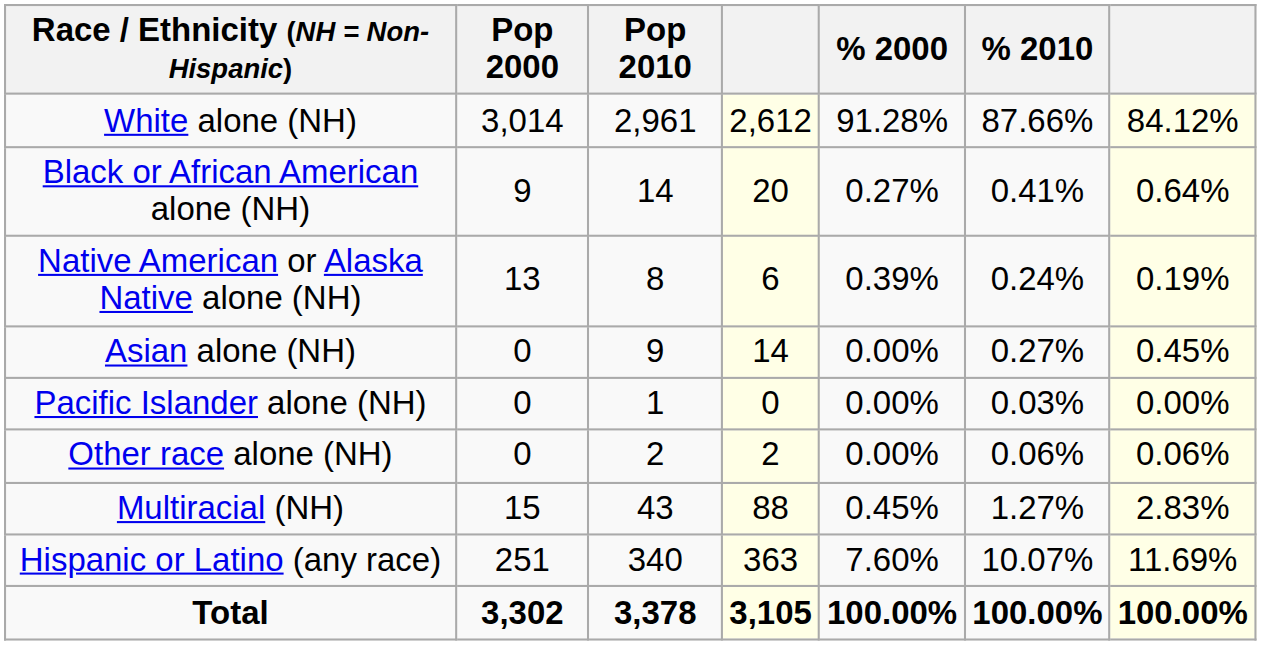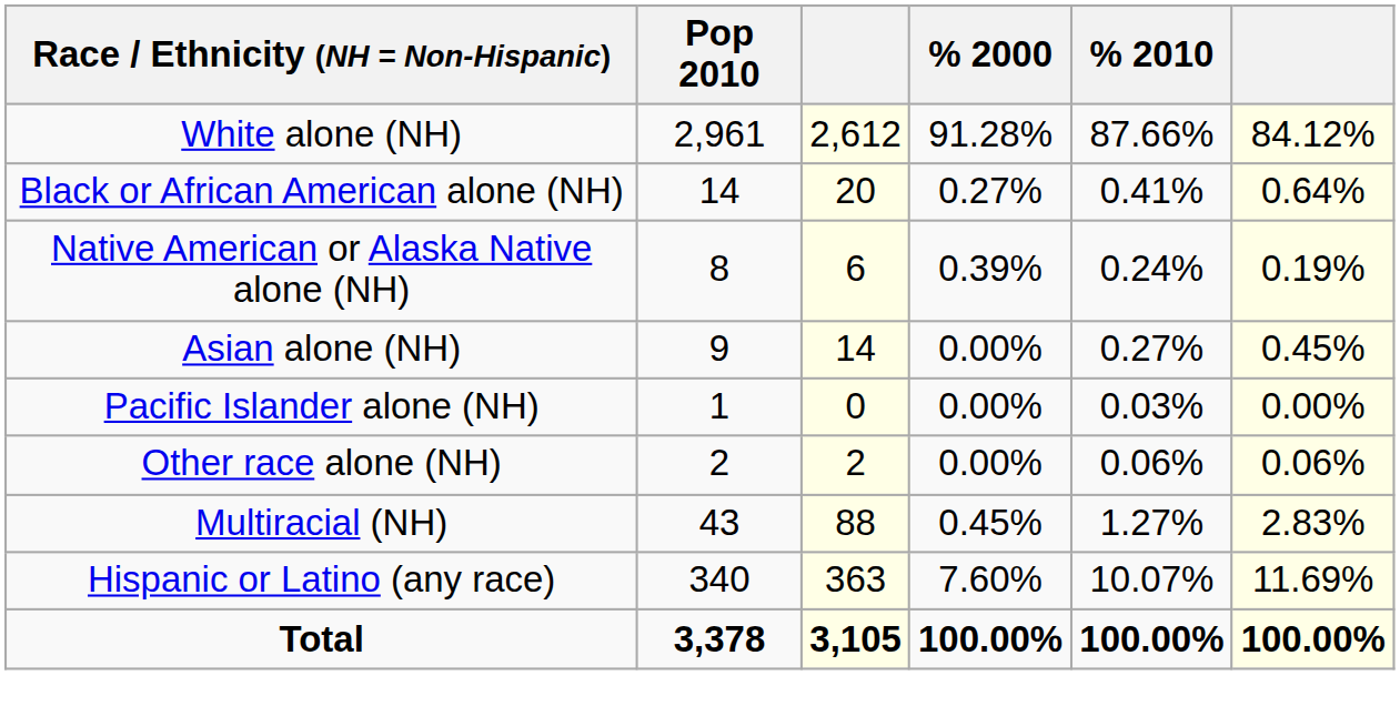 <table class="wikitable" style="text-align:center;">
 <tr>
 <th>Race / Ethnicity <small>(<em>NH = Non-Hispanic</em>)</small></th>
-<th>Pop 2000</th>
 <th>Pop 2010</th>
 <th></th>
 <th>% 2000</th>
 <th>% 2010</th>
 <th></th>
 </tr>
 <tr>
 <td><a href='#'>White</a> alone (NH)</td>
-<td>3,014</td>
 <td>2,961</td>
 <td style='background: #ffffe6;'>2,612</td>
 <td>91.28%</td>
 <td>87.66%</td>
 <td style='background: #ffffe6;'>84.12%</td>
 </tr>
 <tr>
 <td><a href='#'>Black or African American</a> alone (NH)</td>
-<td>9</td>
 <td>14</td>
 <td style='background: #ffffe6;'>20</td>
 <td>0.27%</td>
 <td>0.41%</td>
 <td style='background: #ffffe6;'>0.64%</td>
 </tr>
 <tr>
 <td><a href='#'>Native American</a> or <a href='#'>Alaska Native</a> alone (NH)</td>
-<td>13</td>
 <td>8</td>
 <td style='background: #ffffe6;'>6</td>
 <td>0.39%</td>
 <td>0.24%</td>
 <td style='background: #ffffe6;'>0.19%</td>
 </tr>
 <tr>
 <td><a href='#'>Asian</a> alone (NH)</td>
-<td>0</td>
 <td>9</td>
 <td style='background: #ffffe6;'>14</td>
 <td>0.00%</td>
 <td>0.27%</td>
 <td style='background: #ffffe6;'>0.45%</td>
 </tr>
 <tr>
 <td><a href='#'>Pacific Islander</a> alone (NH)</td>
-<td>0</td>
 <td>1</td>
 <td style='background: #ffffe6;'>0</td>
 <td>0.00%</td>
 <td>0.03%</td>
 <td style='background: #ffffe6;'>0.00%</td>
 </tr>
 <tr>
 <td><a href='#'>Other race</a> alone (NH)</td>
-<td>0</td>
 <td>2</td>
 <td style='background: #ffffe6;'>2</td>
 <td>0.00%</td>
 <td>0.06%</td>
 <td style='background: #ffffe6;'>0.06%</td>
 </tr>
 <tr>
 <td><a href='#'>Multiracial</a> (NH)</td>
-<td>15</td>
 <td>43</td>
 <td style='background: #ffffe6;'>88</td>
 <td>0.45%</td>
 <td>1.27%</td>
 <td style='background: #ffffe6;'>2.83%</td>
 </tr>
 <tr>
 <td><a href='#'>Hispanic or Latino</a> (any race)</td>
-<td>251</td>
 <td>340</td>
 <td style='background: #ffffe6;'>363</td>
 <td>7.60%</td>
 <td>10.07%</td>
 <td style='background: #ffffe6;'>11.69%</td>
 </tr>
 <tr>
 <td><strong>Total</strong></td>
-<td><strong>3,302</strong></td>
 <td><strong>3,378</strong></td>
 <td style='background: #ffffe6;'><strong>3,105</strong></td>
 <td><strong>100.00%</strong></td>
 <td><strong>100.00%</strong></td>
 <td style='background: #ffffe6;'><strong>100.00%</strong></td>
 </tr>
 </table>
